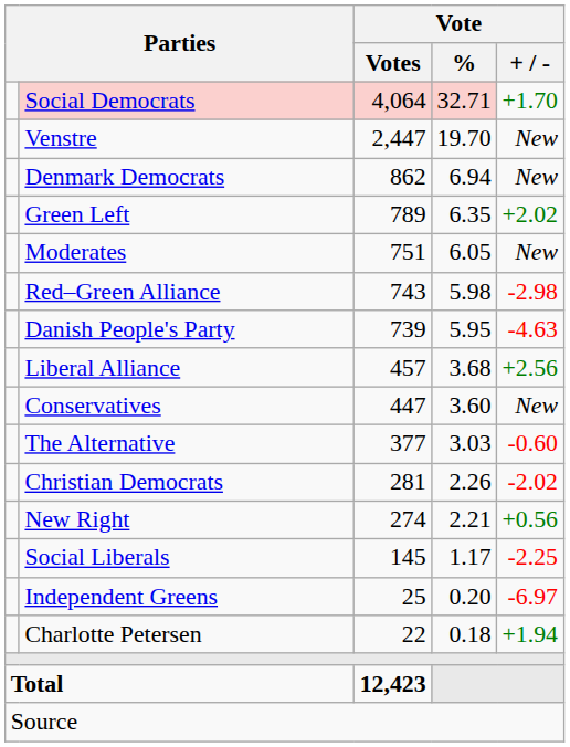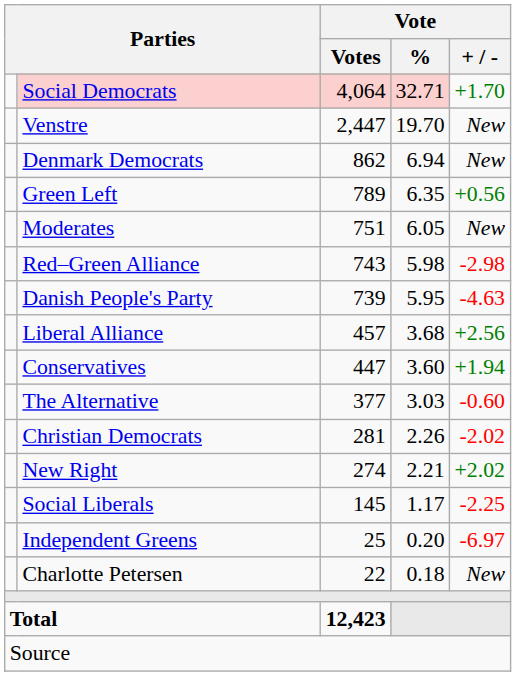 <table class="wikitable" style="text-align:right;">
 <tr>
 <th style="text-align:centre;" rowspan="2" colspan="2" width="225">Parties</th>
 <th colspan="3">Vote</th>
 </tr>
 <tr>
 <th width="15">Votes</th>
 <th width="15">%</th>
 <th width="15">+ / -</th>
 </tr>
 <tr>
 <td width="2" style="color:inherit;background:"></td>
 <td bgcolor=#fbd0ce  align="left"><a href='#'>Social Democrats</a></td>
 <td bgcolor=#fbd0ce>4,064</td>
 <td bgcolor=#fbd0ce>32.71</td>
 <td style=color:green;>+1.70</td>
 </tr>
 <tr>
 <td width="2" style="color:inherit;background:"></td>
 <td align="left"><a href='#'>Venstre</a></td>
 <td>2,447</td>
 <td>19.70</td>
 <td><em>New</em></td>
 </tr>
 <tr>
 <td width="2" style="color:inherit;background:"></td>
 <td align="left"><a href='#'>Denmark Democrats</a></td>
 <td>862</td>
 <td>6.94</td>
 <td><em>New</em></td>
 </tr>
 <tr>
 <td width="2" style="color:inherit;background:"></td>
 <td align="left"><a href='#'>Green Left</a></td>
 <td>789</td>
 <td>6.35</td>
-<td style=color:green;>+2.02</td>
+<td style=color:green;>+0.56</td>
 </tr>
 <tr>
 <td width="2" style="color:inherit;background:"></td>
 <td align="left"><a href='#'>Moderates</a></td>
 <td>751</td>
 <td>6.05</td>
 <td><em>New</em></td>
 </tr>
 <tr>
 <td width="2" style="color:inherit;background:"></td>
 <td align="left"><a href='#'>Red–Green Alliance</a></td>
 <td>743</td>
 <td>5.98</td>
 <td style=color:red;>-2.98</td>
 </tr>
 <tr>
 <td width="2" style="color:inherit;background:"></td>
 <td align="left"><a href='#'>Danish People's Party</a></td>
 <td>739</td>
 <td>5.95</td>
 <td style=color:red;>-4.63</td>
 </tr>
 <tr>
 <td width="2" style="color:inherit;background:"></td>
 <td align="left"><a href='#'>Liberal Alliance</a></td>
 <td>457</td>
 <td>3.68</td>
 <td style=color:green;>+2.56</td>
 </tr>
 <tr>
 <td width="2" style="color:inherit;background:"></td>
 <td align="left"><a href='#'>Conservatives</a></td>
 <td>447</td>
 <td>3.60</td>
-<td><em>New</em></td>
+<td style=color:green;>+1.94</td>
 </tr>
 <tr>
 <td width="2" style="color:inherit;background:"></td>
 <td align="left"><a href='#'>The Alternative</a></td>
 <td>377</td>
 <td>3.03</td>
 <td style=color:red;>-0.60</td>
 </tr>
 <tr>
 <td width="2" style="color:inherit;background:"></td>
 <td align="left"><a href='#'>Christian Democrats</a></td>
 <td>281</td>
 <td>2.26</td>
 <td style=color:red;>-2.02</td>
 </tr>
 <tr>
 <td width="2" style="color:inherit;background:"></td>
 <td align="left"><a href='#'>New Right</a></td>
 <td>274</td>
 <td>2.21</td>
-<td style=color:green;>+0.56</td>
+<td style=color:green;>+2.02</td>
 </tr>
 <tr>
 <td width="2" style="color:inherit;background:"></td>
 <td align="left"><a href='#'>Social Liberals</a></td>
 <td>145</td>
 <td>1.17</td>
 <td style=color:red;>-2.25</td>
 </tr>
 <tr>
 <td width="2" style="color:inherit;background:"></td>
 <td align="left"><a href='#'>Independent Greens</a></td>
 <td>25</td>
 <td>0.20</td>
 <td style=color:red;>-6.97</td>
 </tr>
 <tr>
 <td width="2" style="color:inherit;background:"></td>
 <td align="left">Charlotte Petersen</td>
 <td>22</td>
 <td>0.18</td>
-<td style=color:green;>+1.94</td>
+<td><em>New</em></td>
 </tr>
 <tr>
 <td colspan="7" bgcolor="#E9E9E9"></td>
 </tr>
 <tr>
 <td align="left" colspan="2"><strong>Total</strong></td>
 <td><strong>12,423</strong></td>
 <td bgcolor="#E9E9E9" colspan="2"></td>
 </tr>
 <tr>
 <td align="left" colspan="6">Source</td>
 </tr>
 </table>
